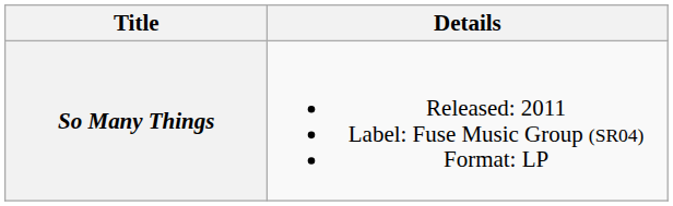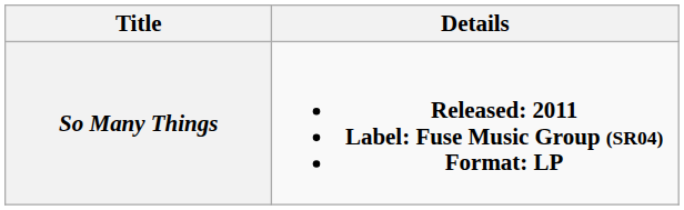 <table class="wikitable plainrowheaders" style="text-align:center;" border="1">
 <tr>
 <th scope="col" style="width:11em;">Title</th>
 <th scope="col" style="width:17em;">Details</th>
 </tr>
 <tr>
 <th scope="row"><em>So Many Things</em></th>
-<td><br><ul><li>Released: 2011</li><li>Label: Fuse Music Group <small>(SR04)</small></li><li>Format: LP</li></ul></td>
+<td><strong><br><ul><li>Released: 2011</li><li>Label: Fuse Music Group <small>(SR04)</small></li><li>Format: LP</li></ul></strong></td>
 </tr>
 </table>
